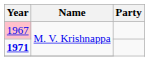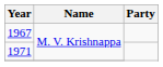 <table class="wikitable sortable">
 <tr>
 <th>Year</th>
 <th>Name</th>
 <th colspan="2">Party</th>
 </tr>
 <tr>
-<td style="background: pink;"><a href='#'>1967</a></td>
+<td><a href='#'>1967</a></td>
 <td rowspan=2><a href='#'>M. V. Krishnappa</a></td>
 <td></td>
 </tr>
 <tr>
-<td><strong><a href='#'>1971</a></strong></td>
+<td><a href='#'>1971</a></td>
 </tr>
 <tr>
 </tr>
 </table>
